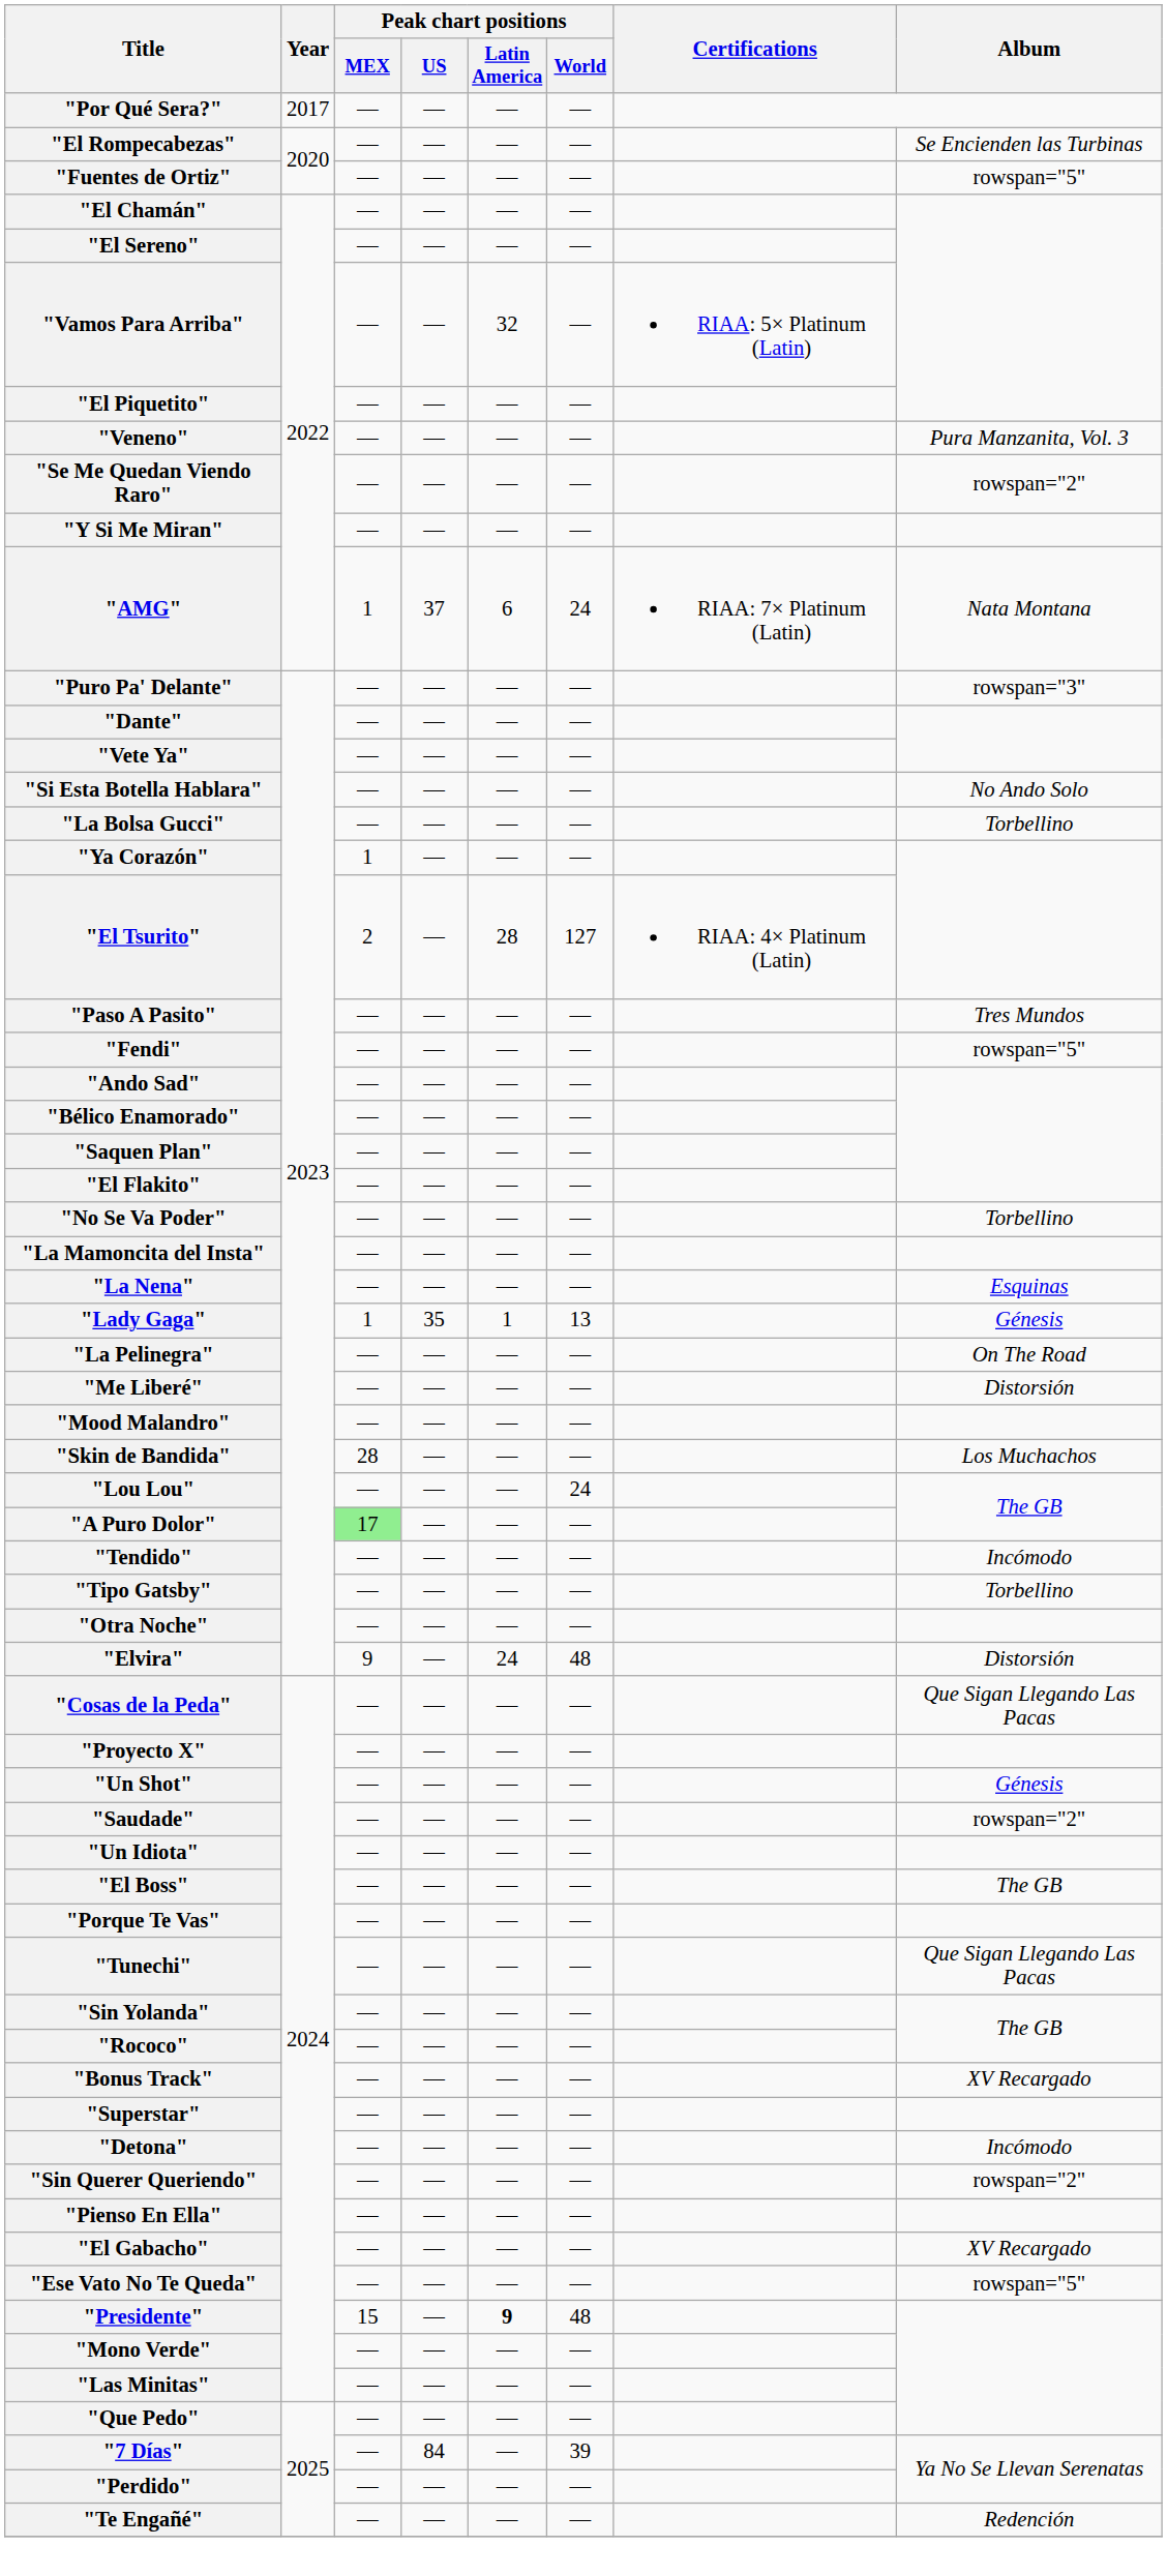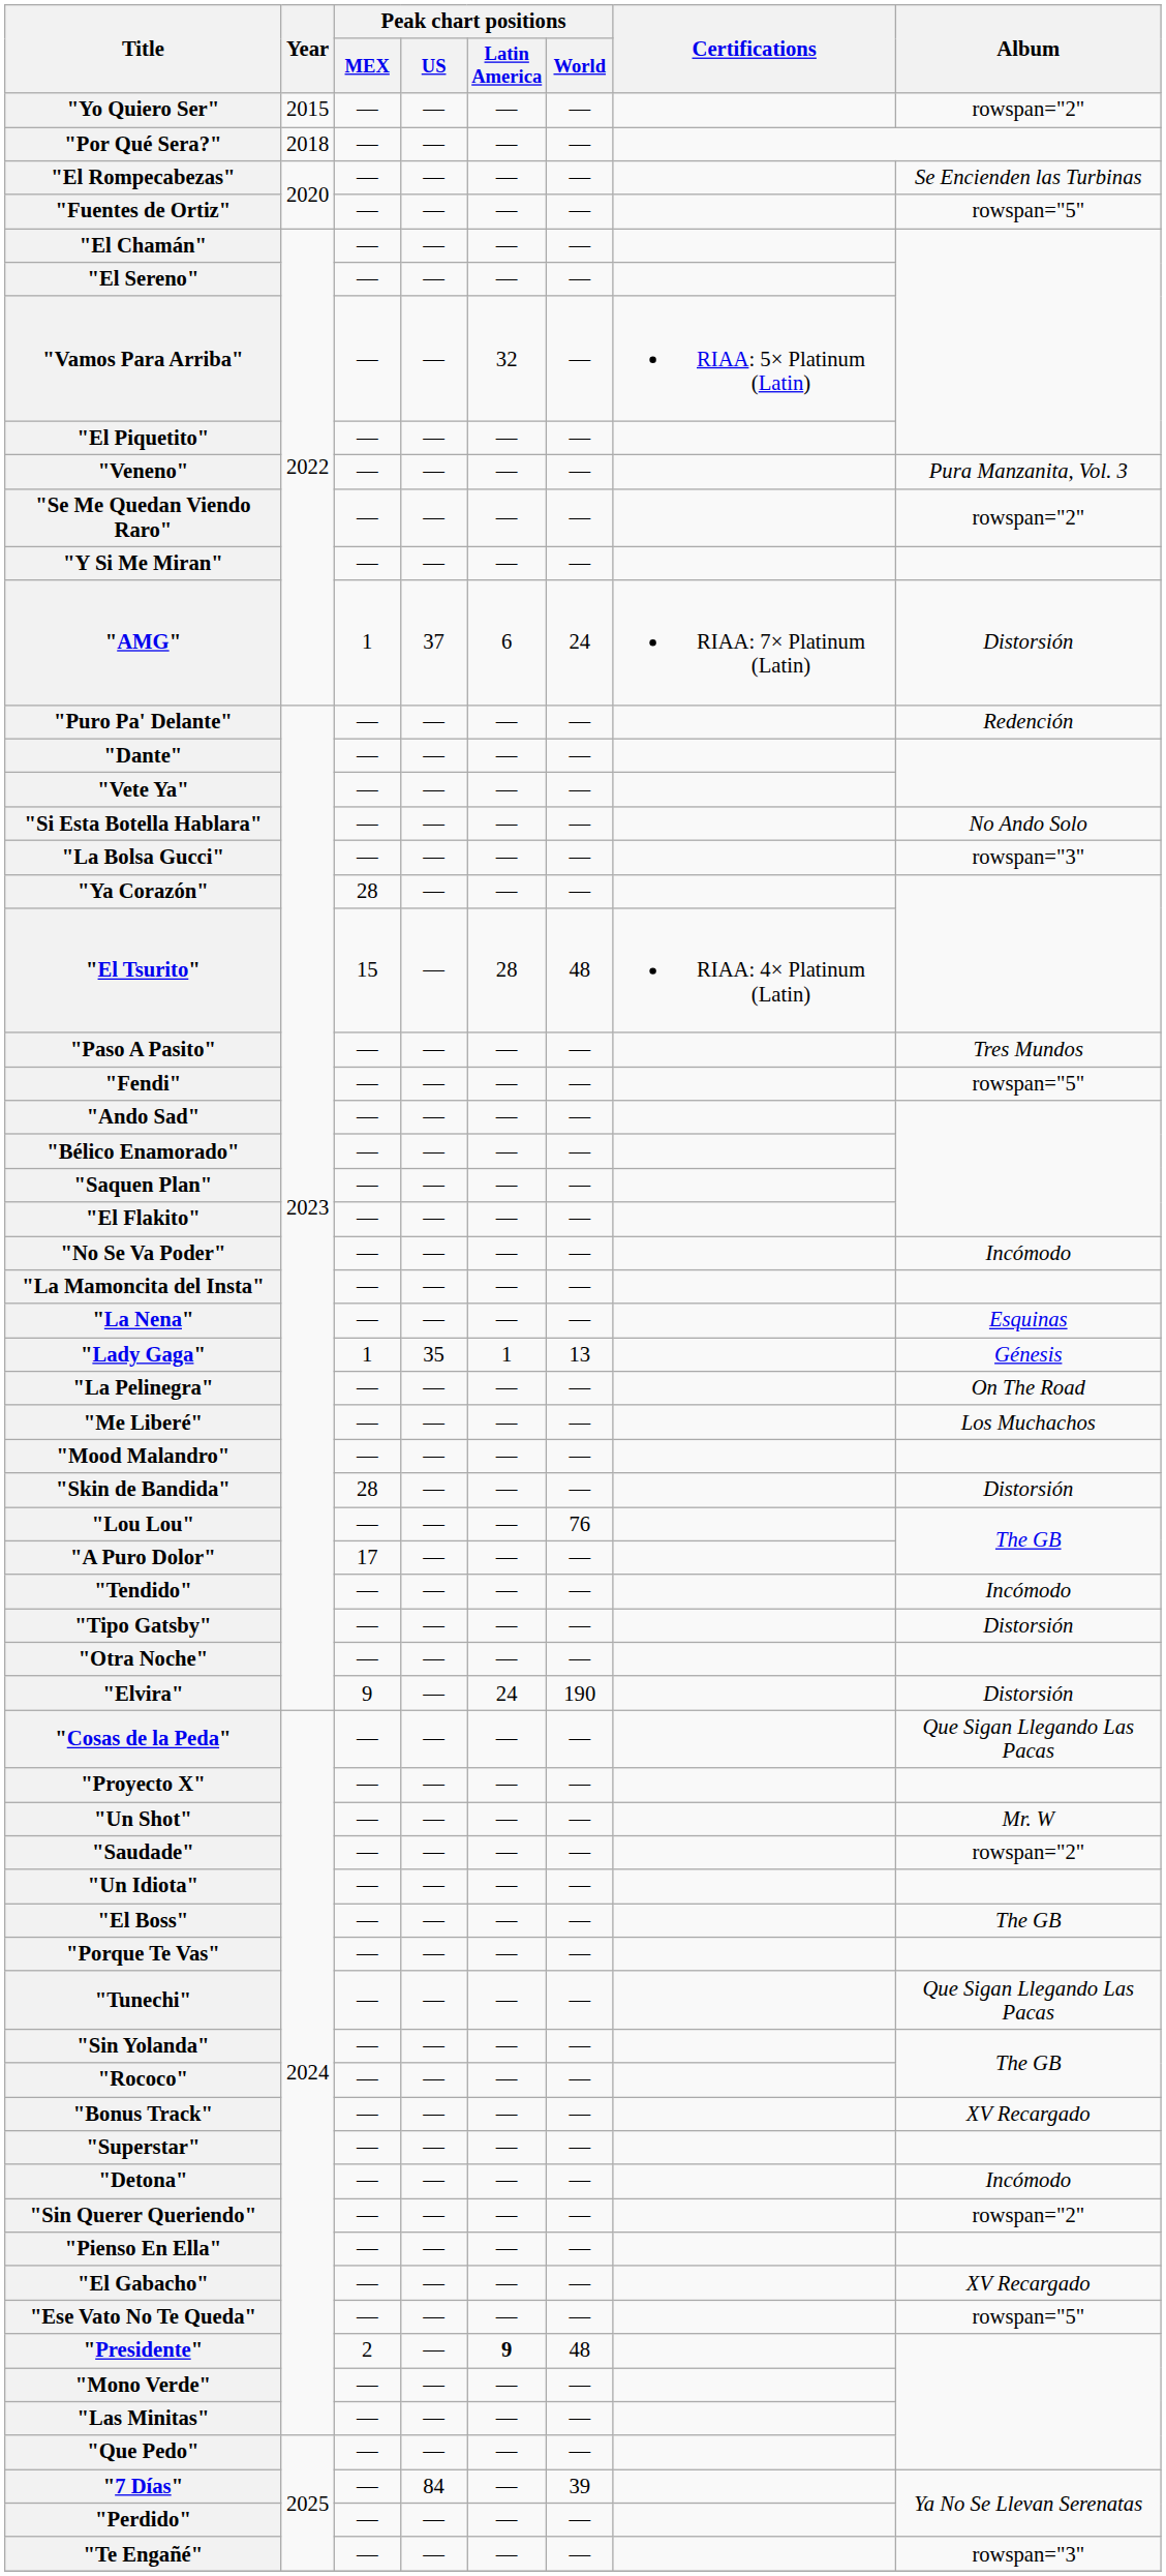 <table class="wikitable plainrowheaders" style="text-align:center;">
 <tr>
 <th scope="col" rowspan="2">Title</th>
 <th scope="col" rowspan="2">Year</th>
 <th scope="col" colspan="4">Peak chart positions</th>
 <th scope="col" rowspan="2"><a href='#'>Certifications</a></th>
 <th scope="col" rowspan="2">Album</th>
 </tr>
 <tr>
 <th scope="col" style="width:3em; font-size:90%"><a href='#'>MEX</a><br></th>
 <th scope="col" style="width:3em; font-size:90%"><a href='#'>US</a><br></th>
 <th scope="col" style="width:3em; font-size:90%"><a href='#'>Latin America</a><br></th>
 <th scope="col" style="width:3em; font-size:90%"><a href='#'>World</a><br></th>
 </tr>
 <tr>
+<th scope="row">"Yo Quiero Ser"<br></th>
+<td>2015</td>
+<td>—</td>
+<td>—</td>
+<td>—</td>
+<td>—</td>
+<td></td>
+<td>rowspan="2" </td>
+</tr>
+<tr>
 <th scope="row">"Por Qué Sera?"<br></th>
-<td>2017</td>
+<td>2018</td>
 <td>—</td>
 <td>—</td>
 <td>—</td>
 <td>—</td>
 </tr>
 <tr>
 <th scope="row">"El Rompecabezas"<br></th>
 <td rowspan="2">2020</td>
 <td>—</td>
 <td>—</td>
 <td>—</td>
 <td>—</td>
 <td></td>
 <td><em>Se Encienden las Turbinas</em></td>
 </tr>
 <tr>
 <th scope="row">"Fuentes de Ortiz"</th>
 <td>—</td>
 <td>—</td>
 <td>—</td>
 <td>—</td>
 <td></td>
 <td>rowspan="5" </td>
 </tr>
 <tr>
 <th scope="row">"El Chamán"</th>
 <td rowspan="8">2022</td>
 <td>—</td>
 <td>—</td>
 <td>—</td>
 <td>—</td>
 <td></td>
 </tr>
 <tr>
 <th scope="row">"El Sereno"</th>
 <td>—</td>
 <td>—</td>
 <td>—</td>
 <td>—</td>
 <td></td>
 </tr>
 <tr>
 <th scope="row">"Vamos Para Arriba"<br></th>
 <td>—</td>
 <td>—</td>
 <td>32</td>
 <td>—</td>
 <td><br><ul><li><a href='#'>RIAA</a>: 5× Platinum (<a href='#'>Latin</a>)</li></ul></td>
 </tr>
 <tr>
 <th scope="row">"El Piquetito"<br></th>
 <td>—</td>
 <td>—</td>
 <td>—</td>
 <td>—</td>
 <td></td>
 </tr>
 <tr>
 <th scope="row">"Veneno"<br></th>
 <td>—</td>
 <td>—</td>
 <td>—</td>
 <td>—</td>
 <td></td>
 <td><em>Pura Manzanita, Vol. 3</em></td>
 </tr>
 <tr>
 <th scope="row">"Se Me Quedan Viendo Raro"<br></th>
 <td>—</td>
 <td>—</td>
 <td>—</td>
 <td>—</td>
 <td></td>
 <td>rowspan="2" </td>
 </tr>
 <tr>
 <th scope="row">"Y Si Me Miran"<br></th>
 <td>—</td>
 <td>—</td>
 <td>—</td>
 <td>—</td>
 <td></td>
 </tr>
 <tr>
 <th scope="row">"<a href='#'>AMG</a>"<br></th>
 <td>1</td>
 <td>37</td>
 <td>6</td>
 <td>24</td>
 <td><br><ul><li>RIAA: 7× Platinum (Latin)</li></ul></td>
-<td><em>Nata Montana</em></td>
+<td><em>Distorsión</em></td>
 </tr>
 <tr>
 <th scope="row">"Puro Pa' Delante"</th>
 <td rowspan="27">2023</td>
 <td>—</td>
 <td>—</td>
 <td>—</td>
 <td>—</td>
 <td></td>
-<td>rowspan="3" </td>
+<td><em>Redención</em></td>
 </tr>
 <tr>
 <th scope="row">"Dante"<br></th>
 <td>—</td>
 <td>—</td>
 <td>—</td>
 <td>—</td>
 <td></td>
 </tr>
 <tr>
 <th scope="row">"Vete Ya"<br></th>
 <td>—</td>
 <td>—</td>
 <td>—</td>
 <td>—</td>
 <td></td>
 </tr>
 <tr>
 <th scope="row">"Si Esta Botella Hablara"<br></th>
 <td>—</td>
 <td>—</td>
 <td>—</td>
 <td>—</td>
 <td></td>
 <td><em>No Ando Solo</em></td>
 </tr>
 <tr>
 <th scope="row">"La Bolsa Gucci"<br></th>
 <td>—</td>
 <td>—</td>
 <td>—</td>
 <td>—</td>
 <td></td>
-<td><em>Torbellino</em></td>
+<td>rowspan="3" </td>
 </tr>
 <tr>
 <th scope="row">"Ya Corazón"<br></th>
-<td>1</td>
+<td>28</td>
 <td>—</td>
 <td>—</td>
 <td>—</td>
 <td></td>
 </tr>
 <tr>
 <th scope="row">"<a href='#'>El Tsurito</a>"<br></th>
-<td>2</td>
+<td>15</td>
 <td>—</td>
 <td>28</td>
-<td>127</td>
+<td>48</td>
 <td><br><ul><li>RIAA: 4× Platinum (Latin)</li></ul></td>
 </tr>
 <tr>
 <th scope="row">"Paso A Pasito"<br></th>
 <td>—</td>
 <td>—</td>
 <td>—</td>
 <td>—</td>
 <td></td>
 <td><em>Tres Mundos</em></td>
 </tr>
 <tr>
 <th scope="row">"Fendi"</th>
 <td>—</td>
 <td>—</td>
 <td>—</td>
 <td>—</td>
 <td></td>
 <td>rowspan="5" </td>
 </tr>
 <tr>
 <th scope="row">"Ando Sad"<br></th>
 <td>—</td>
 <td>—</td>
 <td>—</td>
 <td>—</td>
 <td></td>
 </tr>
 <tr>
 <th scope="row">"Bélico Enamorado"<br></th>
 <td>—</td>
 <td>—</td>
 <td>—</td>
 <td>—</td>
 <td></td>
 </tr>
 <tr>
 <th scope="row">"Saquen Plan"<br></th>
 <td>—</td>
 <td>—</td>
 <td>—</td>
 <td>—</td>
 <td></td>
 </tr>
 <tr>
 <th scope="row">"El Flakito"<br></th>
 <td>—</td>
 <td>—</td>
 <td>—</td>
 <td>—</td>
 <td></td>
 </tr>
 <tr>
 <th scope="row">"No Se Va Poder"<br></th>
 <td>—</td>
 <td>—</td>
 <td>—</td>
 <td>—</td>
 <td></td>
-<td><em>Torbellino</em></td>
+<td><em>Incómodo</em></td>
 </tr>
 <tr>
 <th scope="row">"La Mamoncita del Insta"<br></th>
 <td>—</td>
 <td>—</td>
 <td>—</td>
 <td>—</td>
 <td></td>
 <td></td>
 </tr>
 <tr>
 <th scope="row">"<a href='#'>La Nena</a>"<br></th>
 <td>—</td>
 <td>—</td>
 <td>—</td>
 <td>—</td>
 <td></td>
 <td><em><a href='#'>Esquinas</a></em></td>
 </tr>
 <tr>
 <th scope="row">"<a href='#'>Lady Gaga</a>"<br></th>
 <td>1</td>
 <td>35</td>
 <td>1</td>
 <td>13</td>
 <td></td>
 <td><em><a href='#'>Génesis</a></em></td>
 </tr>
 <tr>
 <th scope="row">"La Pelinegra"<br></th>
 <td>—</td>
 <td>—</td>
 <td>—</td>
 <td>—</td>
 <td></td>
 <td><em>On The Road</em></td>
 </tr>
 <tr>
 <th scope="row">"Me Liberé"<br></th>
 <td>—</td>
 <td>—</td>
 <td>—</td>
 <td>—</td>
 <td></td>
-<td><em>Distorsión</em></td>
+<td><em>Los Muchachos</em></td>
 </tr>
 <tr>
 <th scope="row">"Mood Malandro"<br></th>
 <td>—</td>
 <td>—</td>
 <td>—</td>
 <td>—</td>
 <td></td>
 <td></td>
 </tr>
 <tr>
 <th scope="row">"Skin de Bandida"<br></th>
 <td>28</td>
 <td>—</td>
 <td>—</td>
 <td>—</td>
 <td></td>
-<td><em>Los Muchachos</em></td>
+<td><em>Distorsión</em></td>
 </tr>
 <tr>
 <th scope="row">"Lou Lou"<br></th>
 <td>—</td>
 <td>—</td>
 <td>—</td>
-<td>24</td>
+<td>76</td>
 <td></td>
 <td rowspan ="2"><em><a href='#'>The GB</a></em></td>
 </tr>
 <tr>
 <th scope="row">"A Puro Dolor"</th>
-<td style="background: lightgreen;">17</td>
+<td>17</td>
 <td>—</td>
 <td>—</td>
 <td>—</td>
 <td></td>
 </tr>
 <tr>
 <th scope="row">"Tendido"<br></th>
 <td>—</td>
 <td>—</td>
 <td>—</td>
 <td>—</td>
 <td></td>
 <td><em>Incómodo</em></td>
 </tr>
 <tr>
 <th scope="row">"Tipo Gatsby"<br></th>
 <td>—</td>
 <td>—</td>
 <td>—</td>
 <td>—</td>
 <td></td>
-<td><em>Torbellino</em></td>
+<td><em>Distorsión</em></td>
 </tr>
 <tr>
 <th scope="row">"Otra Noche"<br></th>
 <td>—</td>
 <td>—</td>
 <td>—</td>
 <td>—</td>
 <td></td>
 <td></td>
 </tr>
 <tr>
 <th scope="row">"Elvira"<br></th>
 <td>9</td>
 <td>—</td>
 <td>24</td>
-<td>48</td>
+<td>190</td>
 <td></td>
 <td><em>Distorsión</em></td>
 </tr>
 <tr>
 <th scope="row">"<a href='#'>Cosas de la Peda</a>"<br></th>
 <td rowspan="20">2024</td>
 <td>—</td>
 <td>—</td>
 <td>—</td>
 <td>—</td>
 <td></td>
 <td><em>Que Sigan Llegando Las Pacas</em></td>
 </tr>
 <tr>
 <th scope="row">"Proyecto X"<br></th>
 <td>—</td>
 <td>—</td>
 <td>—</td>
 <td>—</td>
 <td></td>
 <td></td>
 </tr>
 <tr>
 <th scope="row">"Un Shot"<br></th>
 <td>—</td>
 <td>—</td>
 <td>—</td>
 <td>—</td>
 <td></td>
-<td><em><a href='#'>Génesis</a></em></td>
+<td><em>Mr. W</em></td>
 </tr>
 <tr>
 <th scope="row">"Saudade"<br></th>
 <td>—</td>
 <td>—</td>
 <td>—</td>
 <td>—</td>
 <td></td>
 <td>rowspan="2" </td>
 </tr>
 <tr>
 <th scope="row">"Un Idiota"</th>
 <td>—</td>
 <td>—</td>
 <td>—</td>
 <td>—</td>
 <td></td>
 </tr>
 <tr>
 <th scope="row">"El Boss"<br></th>
 <td>—</td>
 <td>—</td>
 <td>—</td>
 <td>—</td>
 <td></td>
 <td><em>The GB</em></td>
 </tr>
 <tr>
 <th scope="row">"Porque Te Vas"<br></th>
 <td>—</td>
 <td>—</td>
 <td>—</td>
 <td>—</td>
 <td></td>
 <td></td>
 </tr>
 <tr>
 <th scope="row">"Tunechi"<br></th>
 <td>—</td>
 <td>—</td>
 <td>—</td>
 <td>—</td>
 <td></td>
 <td><em>Que Sigan Llegando Las Pacas</em></td>
 </tr>
 <tr>
 <th scope="row">"Sin Yolanda"<br></th>
 <td>—</td>
 <td>—</td>
 <td>—</td>
 <td>—</td>
 <td></td>
 <td rowspan="2"><em>The GB</em></td>
 </tr>
 <tr>
 <th scope="row">"Rococo"<br></th>
 <td>—</td>
 <td>—</td>
 <td>—</td>
 <td>—</td>
 <td></td>
 </tr>
 <tr>
 <th scope="row">"Bonus Track"<br></th>
 <td>—</td>
 <td>—</td>
 <td>—</td>
 <td>—</td>
 <td></td>
 <td><em>XV Recargado</em></td>
 </tr>
 <tr>
 <th scope="row">"Superstar"<br></th>
 <td>—</td>
 <td>—</td>
 <td>—</td>
 <td>—</td>
 <td></td>
 <td></td>
 </tr>
 <tr>
 <th scope="row">"Detona"<br></th>
 <td>—</td>
 <td>—</td>
 <td>—</td>
 <td>—</td>
 <td></td>
 <td><em>Incómodo</em></td>
 </tr>
 <tr>
 <th scope="row">"Sin Querer Queriendo"<br></th>
 <td>—</td>
 <td>—</td>
 <td>—</td>
 <td>—</td>
 <td></td>
 <td>rowspan="2" </td>
 </tr>
 <tr>
 <th scope="row">"Pienso En Ella"<br></th>
 <td>—</td>
 <td>—</td>
 <td>—</td>
 <td>—</td>
 <td></td>
 </tr>
 <tr>
 <th scope="row">"El Gabacho"<br></th>
 <td>—</td>
 <td>—</td>
 <td>—</td>
 <td>—</td>
 <td></td>
 <td><em>XV Recargado</em></td>
 </tr>
 <tr>
 <th scope="row">"Ese Vato No Te Queda"<br></th>
 <td>—</td>
 <td>—</td>
 <td>—</td>
 <td>—</td>
 <td></td>
 <td>rowspan="5" </td>
 </tr>
 <tr>
 <th scope="row">"<a href='#'>Presidente</a>"<br></th>
-<td>15</td>
+<td>2</td>
 <td>—</td>
 <td><strong>9</strong></td>
 <td>48</td>
 <td></td>
 </tr>
 <tr>
 <th scope="row">"Mono Verde"</th>
 <td>—</td>
 <td>—</td>
 <td>—</td>
 <td>—</td>
 <td></td>
 </tr>
 <tr>
 <th scope="row">"Las Minitas"<br></th>
 <td>—</td>
 <td>—</td>
 <td>—</td>
 <td>—</td>
 <td></td>
 </tr>
 <tr>
 <th scope="row">"Que Pedo"<br></th>
 <td rowspan="4">2025</td>
 <td>—</td>
 <td>—</td>
 <td>—</td>
 <td>—</td>
 <td></td>
 </tr>
 <tr>
 <th scope="row">"<a href='#'>7 Días</a>"<br></th>
 <td>—</td>
 <td>84</td>
 <td>—</td>
 <td>39</td>
 <td></td>
 <td rowspan="2"><em>Ya No Se Llevan Serenatas</em></td>
 </tr>
 <tr>
 <th scope="row">"Perdido"</th>
 <td>—</td>
 <td>—</td>
 <td>—</td>
 <td>—</td>
 <td></td>
 </tr>
 <tr>
 <th scope="row">"Te Engañé"<br></th>
 <td>—</td>
 <td>—</td>
 <td>—</td>
 <td>—</td>
 <td></td>
-<td><em>Redención</em></td>
+<td>rowspan="3" </td>
 </tr>
 <tr>
 </tr>
 </table>
